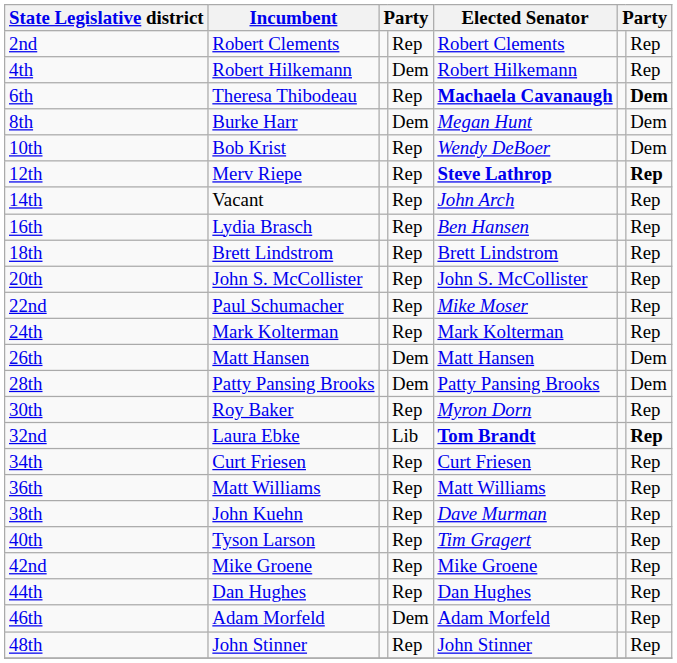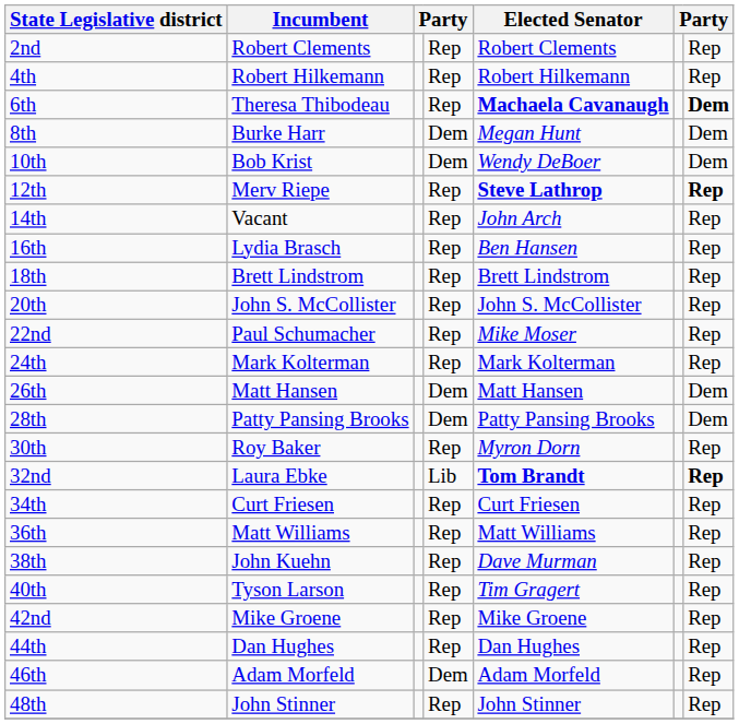 <table class="sortable wikitable" style="font-size:95%;line-height:14px;">
 <tr>
 <th class="sortable"><a href='#'>State Legislative</a> district</th>
 <th class="unsortable"><a href='#'>Incumbent</a></th>
 <th colspan="2">Party</th>
 <th class="unsortable">Elected Senator</th>
 <th colspan="2">Party</th>
 </tr>
 <tr>
 <td><a href='#'>2nd</a></td>
 <td><a href='#'>Robert Clements</a></td>
 <td style="background:"></td>
 <td>Rep</td>
 <td><a href='#'>Robert Clements</a></td>
 <td style="background:"></td>
 <td>Rep</td>
 </tr>
 <tr>
 <td><a href='#'>4th</a></td>
 <td><a href='#'>Robert Hilkemann</a></td>
 <td style="background:"></td>
-<td>Dem</td>
+<td>Rep</td>
 <td><a href='#'>Robert Hilkemann</a></td>
 <td style="background:"></td>
 <td>Rep</td>
 </tr>
 <tr>
 <td><a href='#'>6th</a></td>
 <td><a href='#'>Theresa Thibodeau</a></td>
 <td style="background:"></td>
 <td>Rep</td>
 <td><strong><a href='#'>Machaela Cavanaugh</a></strong></td>
 <td style="background:"></td>
 <td><strong>Dem</strong></td>
 </tr>
 <tr>
 <td><a href='#'>8th</a></td>
 <td><a href='#'>Burke Harr</a></td>
 <td style="background:"></td>
 <td>Dem</td>
 <td><em><a href='#'>Megan Hunt</a></em></td>
 <td style="background:"></td>
 <td>Dem</td>
 </tr>
 <tr>
 <td><a href='#'>10th</a></td>
 <td><a href='#'>Bob Krist</a></td>
 <td style="background:"></td>
-<td>Rep</td>
+<td>Dem</td>
 <td><em><a href='#'>Wendy DeBoer</a></em></td>
 <td style="background:"></td>
 <td>Dem</td>
 </tr>
 <tr>
 <td><a href='#'>12th</a></td>
 <td><a href='#'>Merv Riepe</a></td>
 <td style="background:"></td>
 <td>Rep</td>
 <td><strong><a href='#'>Steve Lathrop</a></strong></td>
 <td style="background:"></td>
 <td><strong>Rep</strong></td>
 </tr>
 <tr>
 <td><a href='#'>14th</a></td>
 <td>Vacant</td>
 <td style="background:"></td>
 <td>Rep</td>
 <td><em><a href='#'>John Arch</a></em></td>
 <td style="background:"></td>
 <td>Rep</td>
 </tr>
 <tr>
 <td><a href='#'>16th</a></td>
 <td><a href='#'>Lydia Brasch</a></td>
 <td style="background:"></td>
 <td>Rep</td>
 <td><em><a href='#'>Ben Hansen</a></em></td>
 <td style="background:"></td>
 <td>Rep</td>
 </tr>
 <tr>
 <td><a href='#'>18th</a></td>
 <td><a href='#'>Brett Lindstrom</a></td>
 <td style="background:"></td>
 <td>Rep</td>
 <td><a href='#'>Brett Lindstrom</a></td>
 <td style="background:"></td>
 <td>Rep</td>
 </tr>
 <tr>
 <td><a href='#'>20th</a></td>
 <td><a href='#'>John S. McCollister</a></td>
 <td style="background:"></td>
 <td>Rep</td>
 <td><a href='#'>John S. McCollister</a></td>
 <td style="background:"></td>
 <td>Rep</td>
 </tr>
 <tr>
 <td><a href='#'>22nd</a></td>
 <td><a href='#'>Paul Schumacher</a></td>
 <td style="background:"></td>
 <td>Rep</td>
 <td><em><a href='#'>Mike Moser</a></em></td>
 <td style="background:"></td>
 <td>Rep</td>
 </tr>
 <tr>
 <td><a href='#'>24th</a></td>
 <td><a href='#'>Mark Kolterman</a></td>
 <td style="background:"></td>
 <td>Rep</td>
 <td><a href='#'>Mark Kolterman</a></td>
 <td style="background:"></td>
 <td>Rep</td>
 </tr>
 <tr>
 <td><a href='#'>26th</a></td>
 <td><a href='#'>Matt Hansen</a></td>
 <td style="background:"></td>
 <td>Dem</td>
 <td><a href='#'>Matt Hansen</a></td>
 <td style="background:"></td>
 <td>Dem</td>
 </tr>
 <tr>
 <td><a href='#'>28th</a></td>
 <td><a href='#'>Patty Pansing Brooks</a></td>
 <td style="background:"></td>
 <td>Dem</td>
 <td><a href='#'>Patty Pansing Brooks</a></td>
 <td style="background:"></td>
 <td>Dem</td>
 </tr>
 <tr>
 <td><a href='#'>30th</a></td>
 <td><a href='#'>Roy Baker</a></td>
 <td style="background:"></td>
 <td>Rep</td>
 <td><em><a href='#'>Myron Dorn</a></em></td>
 <td style="background:"></td>
 <td>Rep</td>
 </tr>
 <tr>
 <td><a href='#'>32nd</a></td>
 <td><a href='#'>Laura Ebke</a></td>
 <td style="background:"></td>
 <td>Lib</td>
 <td><strong><a href='#'>Tom Brandt</a></strong></td>
 <td style="background:"></td>
 <td><strong>Rep</strong></td>
 </tr>
 <tr>
 <td><a href='#'>34th</a></td>
 <td><a href='#'>Curt Friesen</a></td>
 <td style="background:"></td>
 <td>Rep</td>
 <td><a href='#'>Curt Friesen</a></td>
 <td style="background:"></td>
 <td>Rep</td>
 </tr>
 <tr>
 <td><a href='#'>36th</a></td>
 <td><a href='#'>Matt Williams</a></td>
 <td style="background:"></td>
 <td>Rep</td>
 <td><a href='#'>Matt Williams</a></td>
 <td style="background:"></td>
 <td>Rep</td>
 </tr>
 <tr>
 <td><a href='#'>38th</a></td>
 <td><a href='#'>John Kuehn</a></td>
 <td style="background:"></td>
 <td>Rep</td>
 <td><em><a href='#'>Dave Murman</a></em></td>
 <td style="background:"></td>
 <td>Rep</td>
 </tr>
 <tr>
 <td><a href='#'>40th</a></td>
 <td><a href='#'>Tyson Larson</a></td>
 <td style="background:"></td>
 <td>Rep</td>
 <td><em><a href='#'>Tim Gragert</a></em></td>
 <td style="background:"></td>
 <td>Rep</td>
 </tr>
 <tr>
 <td><a href='#'>42nd</a></td>
 <td><a href='#'>Mike Groene</a></td>
 <td style="background:"></td>
 <td>Rep</td>
 <td><a href='#'>Mike Groene</a></td>
 <td style="background:"></td>
 <td>Rep</td>
 </tr>
 <tr>
 <td><a href='#'>44th</a></td>
 <td><a href='#'>Dan Hughes</a></td>
 <td style="background:"></td>
 <td>Rep</td>
 <td><a href='#'>Dan Hughes</a></td>
 <td style="background:"></td>
 <td>Rep</td>
 </tr>
 <tr>
 <td><a href='#'>46th</a></td>
 <td><a href='#'>Adam Morfeld</a></td>
 <td style="background:"></td>
 <td>Dem</td>
 <td><a href='#'>Adam Morfeld</a></td>
 <td style="background:"></td>
 <td>Rep</td>
 </tr>
 <tr>
 <td><a href='#'>48th</a></td>
 <td><a href='#'>John Stinner</a></td>
 <td style="background:"></td>
 <td>Rep</td>
 <td><a href='#'>John Stinner</a></td>
 <td style="background:"></td>
 <td>Rep</td>
 </tr>
 <tr>
 </tr>
 </table>
